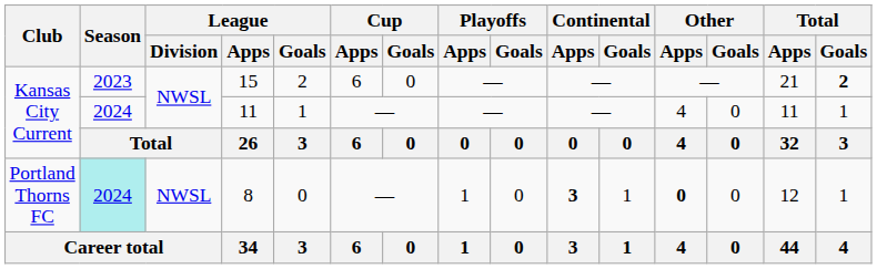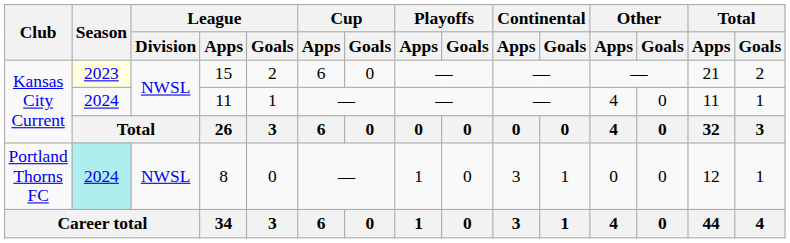 <table class="wikitable" style="text-align: center;">
 <tr>
 <th rowspan="2">Club</th>
 <th rowspan="2">Season</th>
 <th colspan="3">League</th>
 <th colspan="2">Cup</th>
 <th colspan="2">Playoffs</th>
 <th colspan="2">Continental</th>
 <th colspan="2">Other</th>
 <th colspan="2">Total</th>
 </tr>
 <tr>
 <th>Division</th>
 <th>Apps</th>
 <th>Goals</th>
 <th>Apps</th>
 <th>Goals</th>
 <th>Apps</th>
 <th>Goals</th>
 <th>Apps</th>
 <th>Goals</th>
 <th>Apps</th>
 <th>Goals</th>
 <th>Apps</th>
 <th>Goals</th>
 </tr>
 <tr>
 <td rowspan="3"><a href='#'>Kansas City Current</a></td>
-<td><a href='#'>2023</a></td>
+<td style="background: lightyellow;"><a href='#'>2023</a></td>
 <td rowspan="2"><a href='#'>NWSL</a></td>
 <td>15</td>
 <td>2</td>
 <td>6</td>
 <td>0</td>
 <td colspan="2">—</td>
 <td colspan="2">—</td>
 <td colspan="2">—</td>
 <td>21</td>
-<td><strong>2</strong></td>
+<td>2</td>
 </tr>
 <tr>
 <td><a href='#'>2024</a></td>
 <td>11</td>
 <td>1</td>
 <td colspan="2">—</td>
 <td colspan="2">—</td>
 <td colspan="2">—</td>
 <td>4</td>
 <td>0</td>
 <td>11</td>
 <td>1</td>
 </tr>
 <tr>
 <th colspan="2">Total</th>
 <th>26</th>
 <th>3</th>
 <th>6</th>
 <th>0</th>
 <th>0</th>
 <th>0</th>
 <th>0</th>
 <th>0</th>
 <th>4</th>
 <th>0</th>
 <th>32</th>
 <th>3</th>
 </tr>
 <tr>
 <td><a href='#'>Portland Thorns FC</a></td>
 <td style="background: paleturquoise;"><a href='#'>2024</a></td>
 <td><a href='#'>NWSL</a></td>
 <td>8</td>
 <td>0</td>
 <td colspan="2">—</td>
 <td>1</td>
 <td>0</td>
-<td><strong>3</strong></td>
+<td>3</td>
 <td>1</td>
-<td><strong>0</strong></td>
+<td>0</td>
 <td>0</td>
 <td>12</td>
 <td>1</td>
 </tr>
 <tr>
 <th colspan="3">Career total</th>
 <th>34</th>
 <th>3</th>
 <th>6</th>
 <th>0</th>
 <th>1</th>
 <th>0</th>
 <th>3</th>
 <th>1</th>
 <th>4</th>
 <th>0</th>
 <th>44</th>
 <th>4</th>
 </tr>
 </table>
